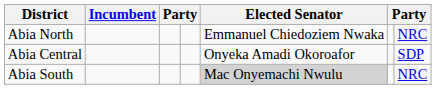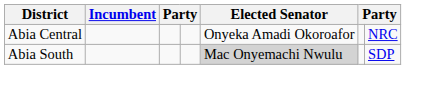 <table class="sortable wikitable" style="font-size:95%;line-height:14px;">
 <tr>
 <th class="unsortable">District</th>
 <th class="unsortable"><a href='#'>Incumbent</a></th>
 <th colspan="2">Party</th>
 <th class="unsortable">Elected Senator</th>
 <th colspan="2">Party</th>
 </tr>
 <tr>
-<td>Abia North</td>
-<td></td>
-<td></td>
-<td></td>
-<td>Emmanuel Chiedoziem Nwaka</td>
-<td style="background:"></td>
-<td><a href='#'>NRC</a></td>
-</tr>
-<tr>
 <td>Abia Central</td>
 <td></td>
 <td></td>
 <td></td>
 <td>Onyeka Amadi Okoroafor</td>
 <td style="background:"></td>
-<td><a href='#'>SDP</a></td>
+<td><a href='#'>NRC</a></td>
 </tr>
 <tr>
 <td>Abia South</td>
 <td></td>
 <td></td>
 <td></td>
 <td style="background: lightgrey;">Mac Onyemachi Nwulu</td>
 <td style="background:"></td>
-<td><a href='#'>NRC</a></td>
+<td><a href='#'>SDP</a></td>
 </tr>
 </table>
